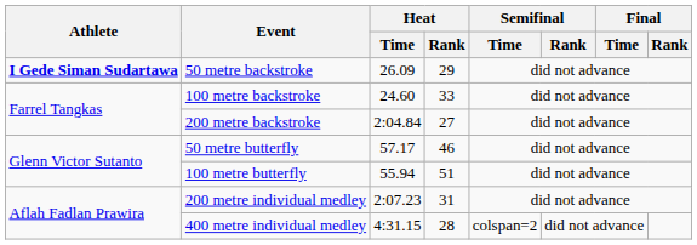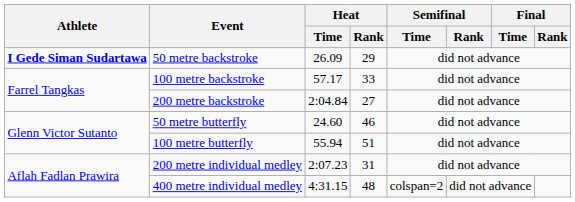 <table class="wikitable" style="font-size:90%;">
 <tr>
 <th rowspan="2">Athlete</th>
 <th rowspan="2">Event</th>
 <th colspan="2">Heat</th>
 <th colspan="2">Semifinal</th>
 <th colspan="2">Final</th>
 </tr>
 <tr>
 <th>Time</th>
 <th>Rank</th>
 <th>Time</th>
 <th>Rank</th>
 <th>Time</th>
 <th>Rank</th>
 </tr>
 <tr align="center">
 <td align="left"><strong><a href='#'>I Gede Siman Sudartawa</a></strong></td>
 <td align="left"><a href='#'>50 metre backstroke</a></td>
 <td>26.09</td>
 <td>29</td>
 <td colspan=4>did not advance</td>
 </tr>
 <tr align="center">
 <td rowspan="2" align="left"><a href='#'>Farrel Tangkas</a></td>
 <td align="left"><a href='#'>100 metre backstroke</a></td>
-<td>24.60</td>
+<td>57.17</td>
 <td>33</td>
 <td colspan=4>did not advance</td>
 </tr>
 <tr align="center">
 <td align="left"><a href='#'>200 metre backstroke</a></td>
 <td>2:04.84</td>
 <td>27</td>
 <td colspan=4>did not advance</td>
 </tr>
 <tr align="center">
 <td rowspan="2" align="left"><a href='#'>Glenn Victor Sutanto</a></td>
 <td align="left"><a href='#'>50 metre butterfly</a></td>
-<td>57.17</td>
+<td>24.60</td>
 <td>46</td>
 <td colspan=4>did not advance</td>
 </tr>
 <tr align="center">
 <td align="left"><a href='#'>100 metre butterfly</a></td>
 <td>55.94</td>
 <td>51</td>
 <td colspan=4>did not advance</td>
 </tr>
 <tr align="center">
 <td rowspan="2" align="left"><a href='#'>Aflah Fadlan Prawira</a></td>
 <td align="left"><a href='#'>200 metre individual medley</a></td>
 <td>2:07.23</td>
 <td>31</td>
 <td colspan=4>did not advance</td>
 </tr>
 <tr align="center">
 <td align="left"><a href='#'>400 metre individual medley</a></td>
 <td>4:31.15</td>
-<td>28</td>
+<td>48</td>
 <td>colspan=2 </td>
 <td colspan=2>did not advance</td>
 </tr>
 </table>
